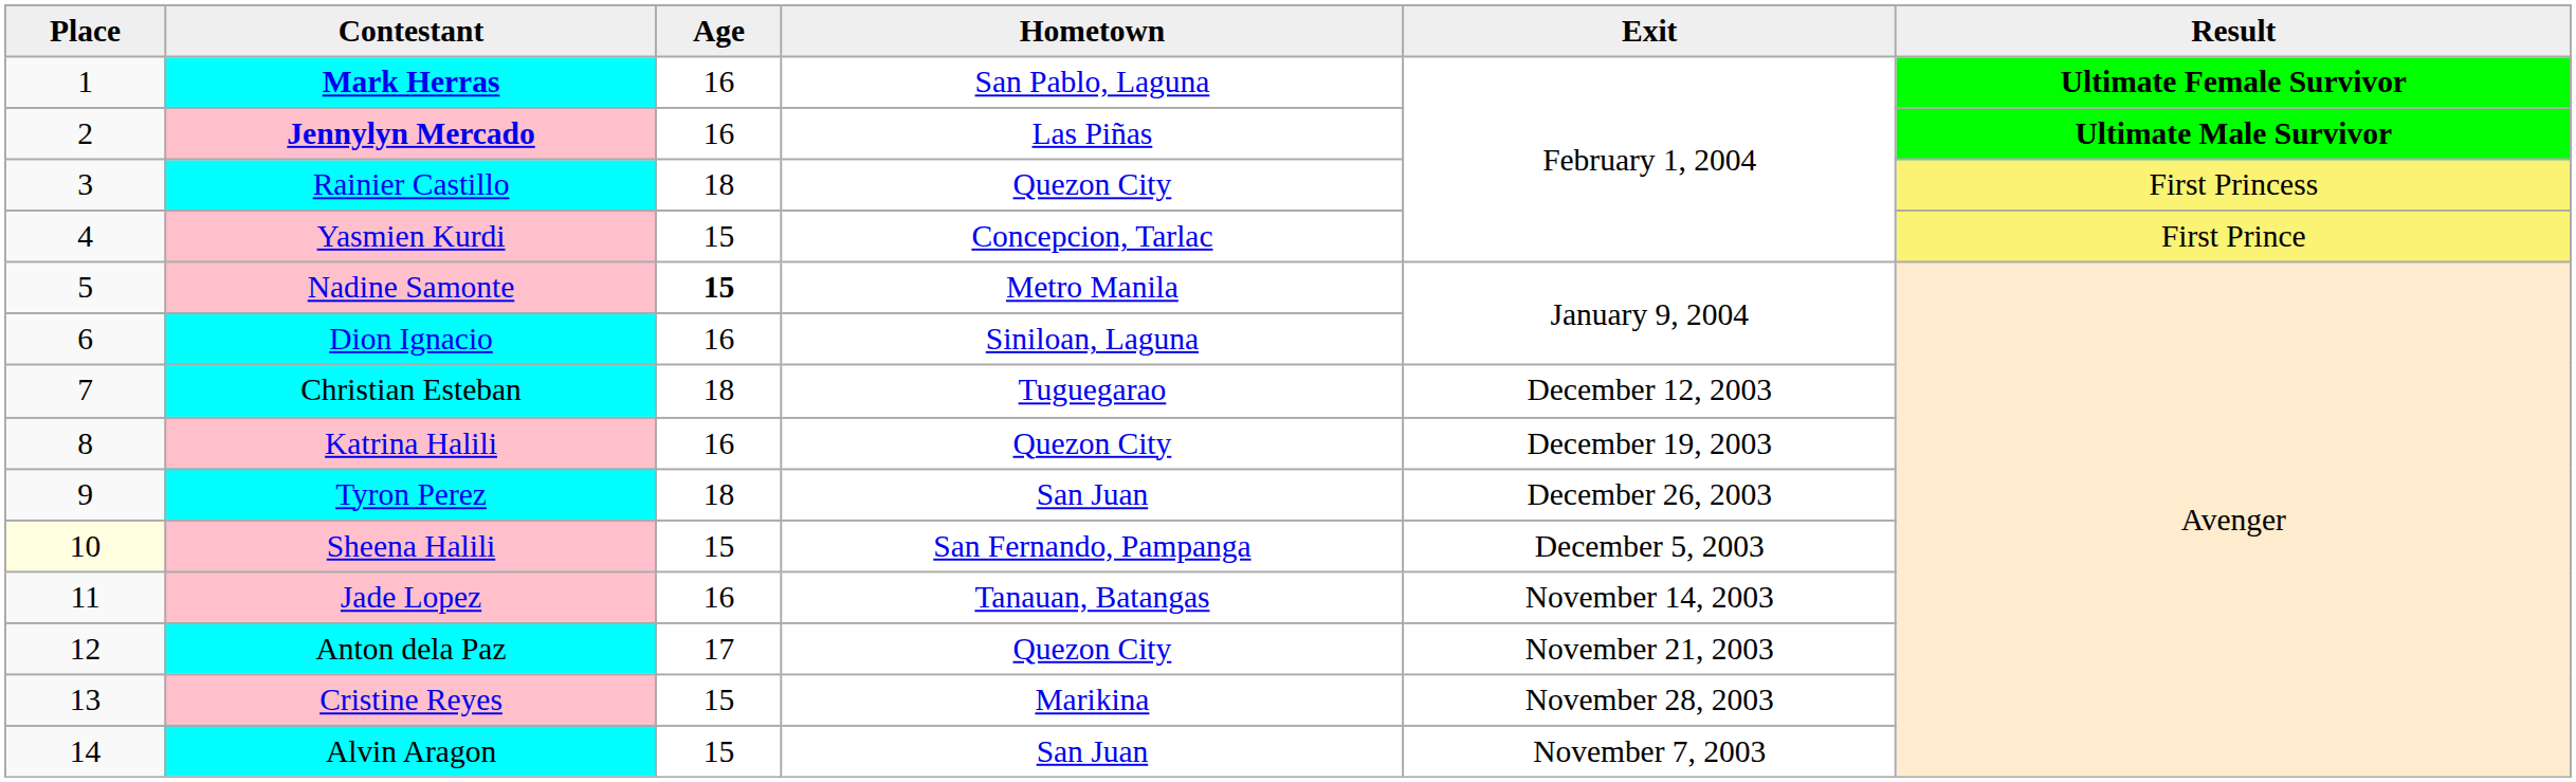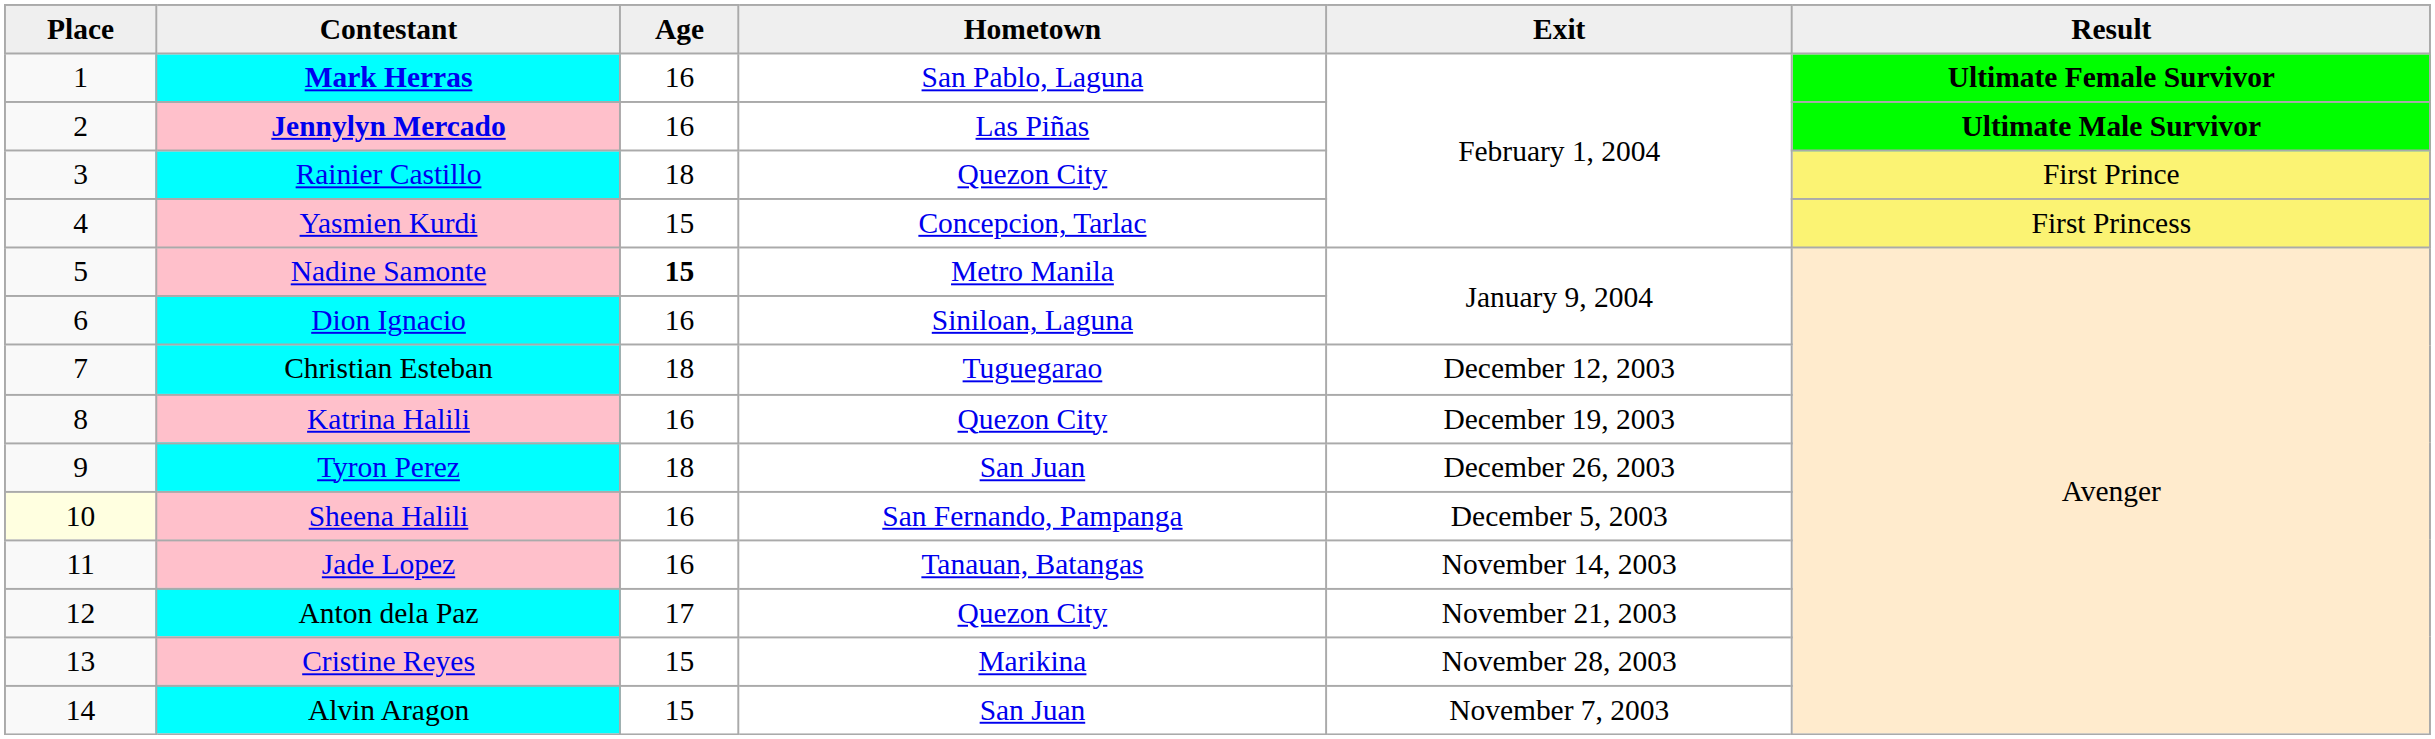 <table class="wikitable nowrap" style="text-align:center; font-size:95%;width:99%;">
 <tr>
 <th scope="col" style="background:#EFEFEF;">Place</th>
 <th scope="col" style="background:#EFEFEF;">Contestant</th>
 <th scope="col" style="background:#EFEFEF;">Age</th>
 <th scope="col" style="background:#EFEFEF;">Hometown</th>
 <th scope="col" style="background:#EFEFEF;">Exit</th>
 <th scope="col" style="background:#EFEFEF;">Result</th>
 </tr>
 <tr>
 <td>1</td>
 <td style="background:cyan;"><strong><a href='#'>Mark Herras</a></strong></td>
 <td style="background:#FFFFFF">16</td>
 <td style="background:#FFFFFF"><a href='#'>San Pablo, Laguna</a></td>
 <td style="background:#FFFFFF" rowspan=4>February 1, 2004</td>
 <td style="background:lime"><strong>Ultimate Female Survivor</strong></td>
 </tr>
 <tr>
 <td>2</td>
 <td style="background:pink;"><strong><a href='#'>Jennylyn Mercado</a></strong></td>
 <td style="background:#FFFFFF">16</td>
 <td style="background:#FFFFFF"><a href='#'>Las Piñas</a></td>
 <td style="background:lime"><strong>Ultimate Male Survivor</strong></td>
 </tr>
 <tr>
 <td>3</td>
 <td style="background:cyan;"><a href='#'>Rainier Castillo</a></td>
 <td style="background:#FFFFFF">18</td>
 <td style="background:#FFFFFF"><a href='#'>Quezon City</a></td>
-<td style="background:#FBF373">First Princess</td>
+<td style="background:#FBF373">First Prince</td>
 </tr>
 <tr>
 <td>4</td>
 <td style="background:pink;"><a href='#'>Yasmien Kurdi</a></td>
 <td style="background:#FFFFFF">15</td>
 <td style="background:#FFFFFF"><a href='#'>Concepcion, Tarlac</a></td>
-<td style="background:#FBF373">First Prince</td>
+<td style="background:#FBF373">First Princess</td>
 </tr>
 <tr>
 <td>5</td>
 <td style="background:pink;"><a href='#'>Nadine Samonte</a></td>
 <td style="background:#FFFFFF"><strong>15</strong></td>
 <td style="background:#FFFFFF"><a href='#'>Metro Manila</a></td>
 <td style="background:#FFFFFF" rowspan=2>January 9, 2004</td>
 <td style="background:#FFEBCD" rowspan=10>Avenger</td>
 </tr>
 <tr>
 <td>6</td>
 <td style="background:cyan;"><a href='#'>Dion Ignacio</a></td>
 <td style="background:#FFFFFF">16</td>
 <td style="background:#FFFFFF"><a href='#'>Siniloan, Laguna</a></td>
 </tr>
 <tr>
 <td>7</td>
 <td style="background:cyan;">Christian Esteban</td>
 <td style="background:#FFFFFF">18</td>
 <td style="background:#FFFFFF"><a href='#'>Tuguegarao</a></td>
 <td style="background:#FFFFFF">December 12, 2003</td>
 </tr>
 <tr>
 <td>8</td>
 <td style="background:pink;"><a href='#'>Katrina Halili</a></td>
 <td style="background:#FFFFFF">16</td>
 <td style="background:#FFFFFF"><a href='#'>Quezon City</a></td>
 <td style="background:#FFFFFF">December 19, 2003</td>
 </tr>
 <tr>
 <td>9</td>
 <td style="background:cyan;"><a href='#'>Tyron Perez</a></td>
 <td style="background:#FFFFFF">18</td>
 <td style="background:#FFFFFF"><a href='#'>San Juan</a></td>
 <td style="background:#FFFFFF">December 26, 2003</td>
 </tr>
 <tr>
 <td style="background: lightyellow;">10</td>
 <td style="background:pink;"><a href='#'>Sheena Halili</a></td>
-<td style="background:#FFFFFF">15</td>
+<td style="background:#FFFFFF">16</td>
 <td style="background:#FFFFFF"><a href='#'>San Fernando, Pampanga</a></td>
 <td style="background:#FFFFFF">December 5, 2003</td>
 </tr>
 <tr>
 <td>11</td>
 <td style="background:pink;"><a href='#'>Jade Lopez</a></td>
 <td style="background:#FFFFFF">16</td>
 <td style="background:#FFFFFF"><a href='#'>Tanauan, Batangas</a></td>
 <td style="background:#FFFFFF">November 14, 2003</td>
 </tr>
 <tr>
 <td>12</td>
 <td style="background:cyan;">Anton dela Paz</td>
 <td style="background:#FFFFFF">17</td>
 <td style="background:#FFFFFF"><a href='#'>Quezon City</a></td>
 <td style="background:#FFFFFF">November 21, 2003</td>
 </tr>
 <tr>
 <td>13</td>
 <td style="background:pink;"><a href='#'>Cristine Reyes</a></td>
 <td style="background:#FFFFFF">15</td>
 <td style="background:#FFFFFF"><a href='#'>Marikina</a></td>
 <td style="background:#FFFFFF">November 28, 2003</td>
 </tr>
 <tr>
 <td>14</td>
 <td style="background:cyan;">Alvin Aragon</td>
 <td style="background:#FFFFFF">15</td>
 <td style="background:#FFFFFF"><a href='#'>San Juan</a></td>
 <td style="background:#FFFFFF">November 7, 2003</td>
 </tr>
 </table>
